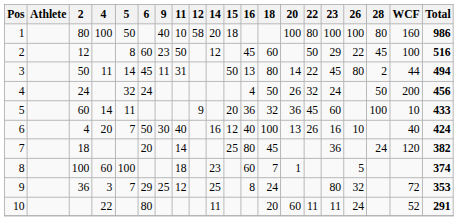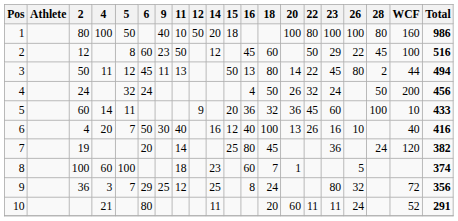 <table class="wikitable" style="font-size: 90%">
 <tr align="right">
 <th>Pos</th>
 <th>Athlete</th>
 <th>2</th>
 <th>4</th>
 <th>5</th>
 <th>6</th>
 <th>9</th>
 <th>11</th>
 <th>12</th>
 <th>14</th>
 <th>15</th>
 <th>16</th>
 <th>18</th>
 <th>20</th>
 <th>22</th>
 <th>23</th>
 <th>26</th>
 <th>28</th>
 <th>WCF</th>
 <th>Total</th>
 </tr>
 <tr align="right">
 <td>1</td>
 <td align="left"></td>
 <td>80</td>
 <td>100</td>
 <td>50</td>
 <td></td>
 <td>40</td>
 <td>10</td>
-<td>58</td>
+<td>50</td>
 <td>20</td>
 <td>18</td>
 <td></td>
 <td></td>
 <td>100</td>
 <td>80</td>
 <td>100</td>
 <td>100</td>
 <td>80</td>
 <td>160</td>
 <td><strong>986</strong></td>
 </tr>
 <tr align="right">
 <td>2</td>
 <td align="left"></td>
 <td>12</td>
 <td></td>
 <td>8</td>
 <td>60</td>
 <td>23</td>
 <td>50</td>
 <td></td>
 <td>12</td>
 <td></td>
 <td>45</td>
 <td>60</td>
 <td></td>
 <td>50</td>
 <td>29</td>
 <td>22</td>
 <td>45</td>
 <td>100</td>
 <td><strong>516</strong></td>
 </tr>
 <tr align="right">
 <td>3</td>
 <td align="left"></td>
 <td>50</td>
 <td>11</td>
-<td>14</td>
+<td>12</td>
 <td>45</td>
 <td>11</td>
-<td>31</td>
+<td>13</td>
 <td></td>
 <td></td>
 <td>50</td>
 <td>13</td>
 <td>80</td>
 <td>14</td>
 <td>22</td>
 <td>45</td>
 <td>80</td>
 <td>2</td>
 <td>44</td>
 <td><strong>494</strong></td>
 </tr>
 <tr align="right">
 <td>4</td>
 <td align="left"></td>
 <td>24</td>
 <td></td>
 <td>32</td>
 <td>24</td>
 <td></td>
 <td></td>
 <td></td>
 <td></td>
 <td></td>
 <td>4</td>
 <td>50</td>
 <td>26</td>
 <td>32</td>
 <td>24</td>
 <td></td>
 <td>50</td>
 <td>200</td>
 <td><strong>456</strong></td>
 </tr>
 <tr align="right">
 <td>5</td>
 <td align="left"></td>
 <td>60</td>
 <td>14</td>
 <td>11</td>
 <td></td>
 <td></td>
 <td></td>
 <td>9</td>
 <td></td>
 <td>20</td>
 <td>36</td>
 <td>32</td>
 <td>36</td>
 <td>45</td>
 <td>60</td>
 <td></td>
 <td>100</td>
 <td>10</td>
 <td><strong>433</strong></td>
 </tr>
 <tr align="right">
 <td>6</td>
 <td align="left"></td>
 <td>4</td>
 <td>20</td>
 <td>7</td>
 <td>50</td>
 <td>30</td>
 <td>40</td>
 <td></td>
 <td>16</td>
 <td>12</td>
 <td>40</td>
 <td>100</td>
 <td>13</td>
 <td>26</td>
 <td>16</td>
 <td>10</td>
 <td></td>
 <td>40</td>
-<td><strong>424</strong></td>
+<td><strong>416</strong></td>
 </tr>
 <tr align="right">
 <td>7</td>
 <td align="left"></td>
-<td>18</td>
+<td>19</td>
 <td></td>
 <td></td>
 <td>20</td>
 <td></td>
 <td>14</td>
 <td></td>
 <td></td>
 <td>25</td>
 <td>80</td>
 <td>45</td>
 <td></td>
 <td></td>
 <td>36</td>
 <td></td>
 <td>24</td>
 <td>120</td>
 <td><strong>382</strong></td>
 </tr>
 <tr align="right">
 <td>8</td>
 <td align="left"></td>
 <td>100</td>
 <td>60</td>
 <td>100</td>
 <td></td>
 <td></td>
 <td>18</td>
 <td></td>
 <td>23</td>
 <td></td>
 <td>60</td>
 <td>7</td>
 <td>1</td>
 <td></td>
 <td></td>
 <td>5</td>
 <td></td>
 <td></td>
 <td><strong>374</strong></td>
 </tr>
 <tr align="right">
 <td>9</td>
 <td align="left"></td>
 <td>36</td>
 <td>3</td>
 <td>7</td>
 <td>29</td>
 <td>25</td>
 <td>12</td>
 <td></td>
 <td>25</td>
 <td></td>
 <td>8</td>
 <td>24</td>
 <td></td>
 <td></td>
 <td>80</td>
 <td>32</td>
 <td></td>
 <td>72</td>
-<td><strong>353</strong></td>
+<td><strong>356</strong></td>
 </tr>
 <tr align="right">
 <td>10</td>
 <td align="left"></td>
 <td></td>
-<td>22</td>
+<td>21</td>
 <td></td>
 <td>80</td>
 <td></td>
 <td></td>
 <td></td>
 <td>11</td>
 <td></td>
 <td></td>
 <td>20</td>
 <td>60</td>
 <td>11</td>
 <td>11</td>
 <td>24</td>
 <td></td>
 <td>52</td>
 <td><strong>291</strong><br></td>
 </tr>
 <tr>
 </tr>
 </table>
